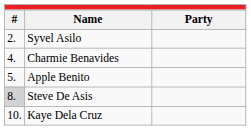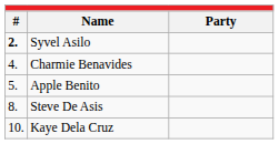 <table class=wikitable style="font-size:90%">
 <tr>
 <td colspan=4 bgcolor=#ed1e24></td>
 </tr>
 <tr>
 <th>#</th>
 <th width=150px>Name</th>
 <th colspan=2 width=110px>Party</th>
 </tr>
 <tr>
-<td>2.</td>
+<td><strong>2.</strong></td>
 <td>Syvel Asilo</td>
 <td></td>
 </tr>
 <tr>
 <td>4.</td>
 <td>Charmie Benavides</td>
 <td></td>
 </tr>
 <tr>
 <td>5.</td>
 <td>Apple Benito</td>
 <td></td>
 </tr>
 <tr>
-<td style="background: lightgrey;">8.</td>
+<td>8.</td>
 <td>Steve De Asis</td>
 <td></td>
 </tr>
 <tr>
 <td>10.</td>
 <td>Kaye Dela Cruz</td>
 <td></td>
 </tr>
 </table>
